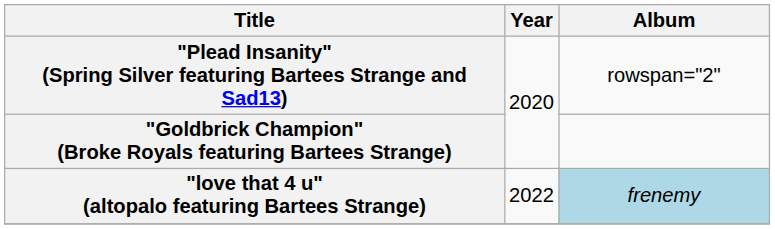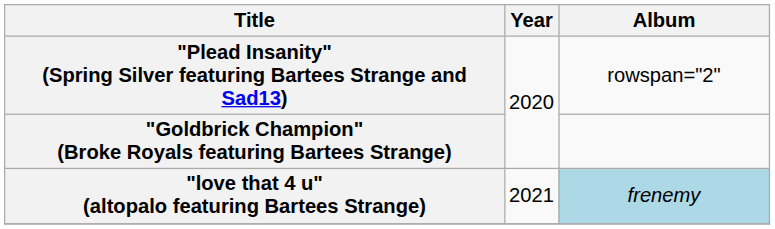 <table class="wikitable plainrowheaders" style="text-align:center">
 <tr>
 <th scope="col">Title</th>
 <th scope="col" style="width:1em;">Year</th>
 <th scope="col" style="width:10em;">Album</th>
 </tr>
 <tr>
 <th scope="row">"Plead Insanity"<br>(Spring Silver featuring Bartees Strange and <a href='#'>Sad13</a>)</th>
 <td rowspan="2">2020</td>
 <td>rowspan="2" </td>
 </tr>
 <tr>
 <th scope="row">"Goldbrick Champion"<br>(Broke Royals featuring Bartees Strange)</th>
 </tr>
 <tr>
 <th scope="row">"love that 4 u"<br>(altopalo featuring Bartees Strange)</th>
-<td>2022</td>
+<td>2021</td>
 <td style="background: lightblue;"><em>frenemy</em></td>
 </tr>
 <tr>
 </tr>
 </table>
